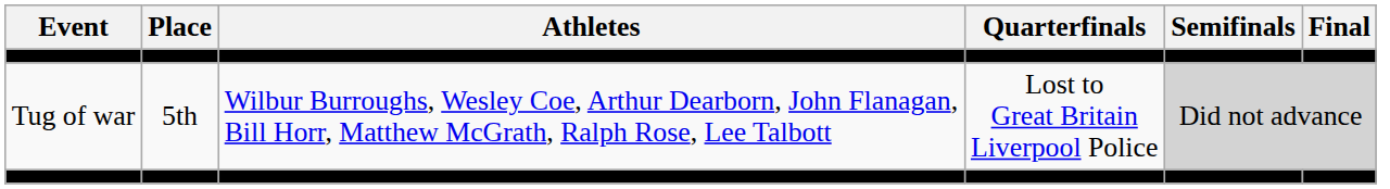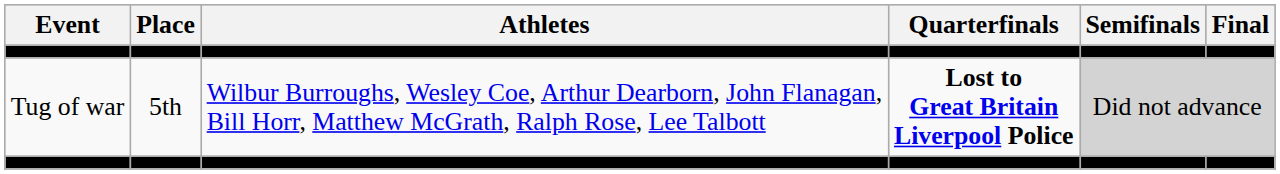 <table class=wikitable>
 <tr>
 <th>Event</th>
 <th>Place</th>
 <th>Athletes</th>
 <th>Quarterfinals</th>
 <th>Semifinals</th>
 <th>Final</th>
 </tr>
 <tr bgcolor=black>
 <td></td>
 <td></td>
 <td></td>
 <td></td>
 <td></td>
 <td></td>
 </tr>
 <tr align=center>
 <td align=left>Tug of war</td>
 <td>5th</td>
 <td align=left><a href='#'>Wilbur Burroughs</a>, <a href='#'>Wesley Coe</a>, <a href='#'>Arthur Dearborn</a>, <a href='#'>John Flanagan</a>, <br> <a href='#'>Bill Horr</a>, <a href='#'>Matthew McGrath</a>, <a href='#'>Ralph Rose</a>, <a href='#'>Lee Talbott</a></td>
-<td>Lost to <br> <a href='#'>Great Britain</a> <br> <a href='#'>Liverpool</a> Police</td>
+<td><strong>Lost to <br> <a href='#'>Great Britain</a> <br> <a href='#'>Liverpool</a> Police</strong></td>
 <td colspan=2 bgcolor=lightgray>Did not advance</td>
 </tr>
 <tr bgcolor=black>
 <td></td>
 <td></td>
 <td></td>
 <td></td>
 <td></td>
 <td></td>
 </tr>
 </table>
